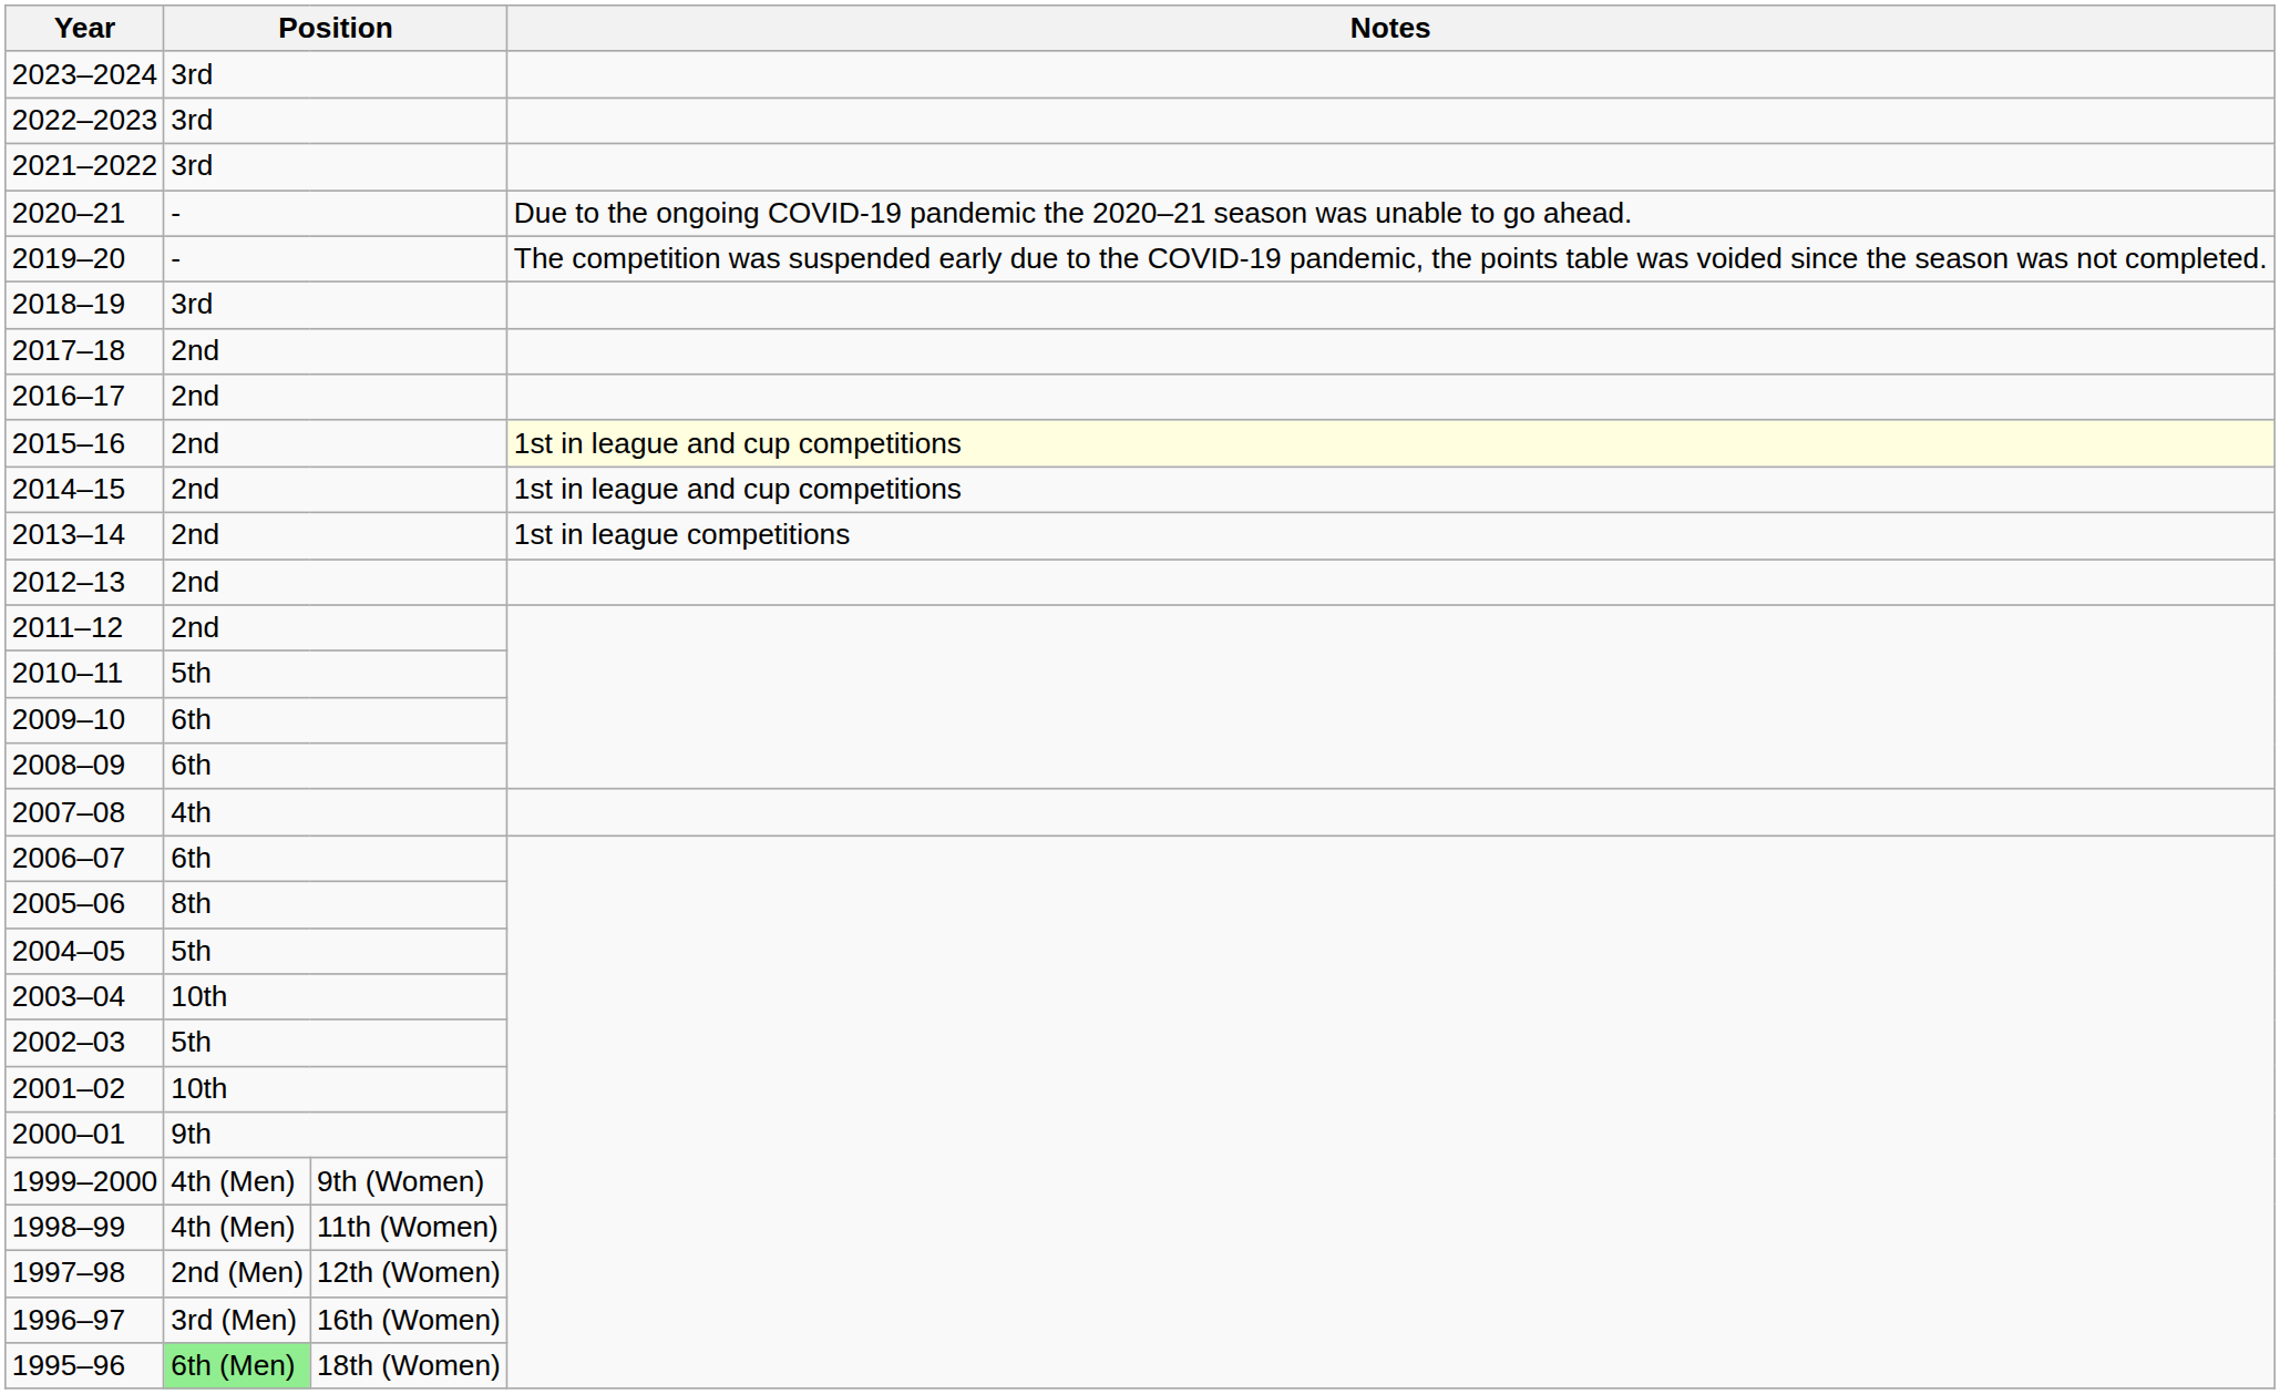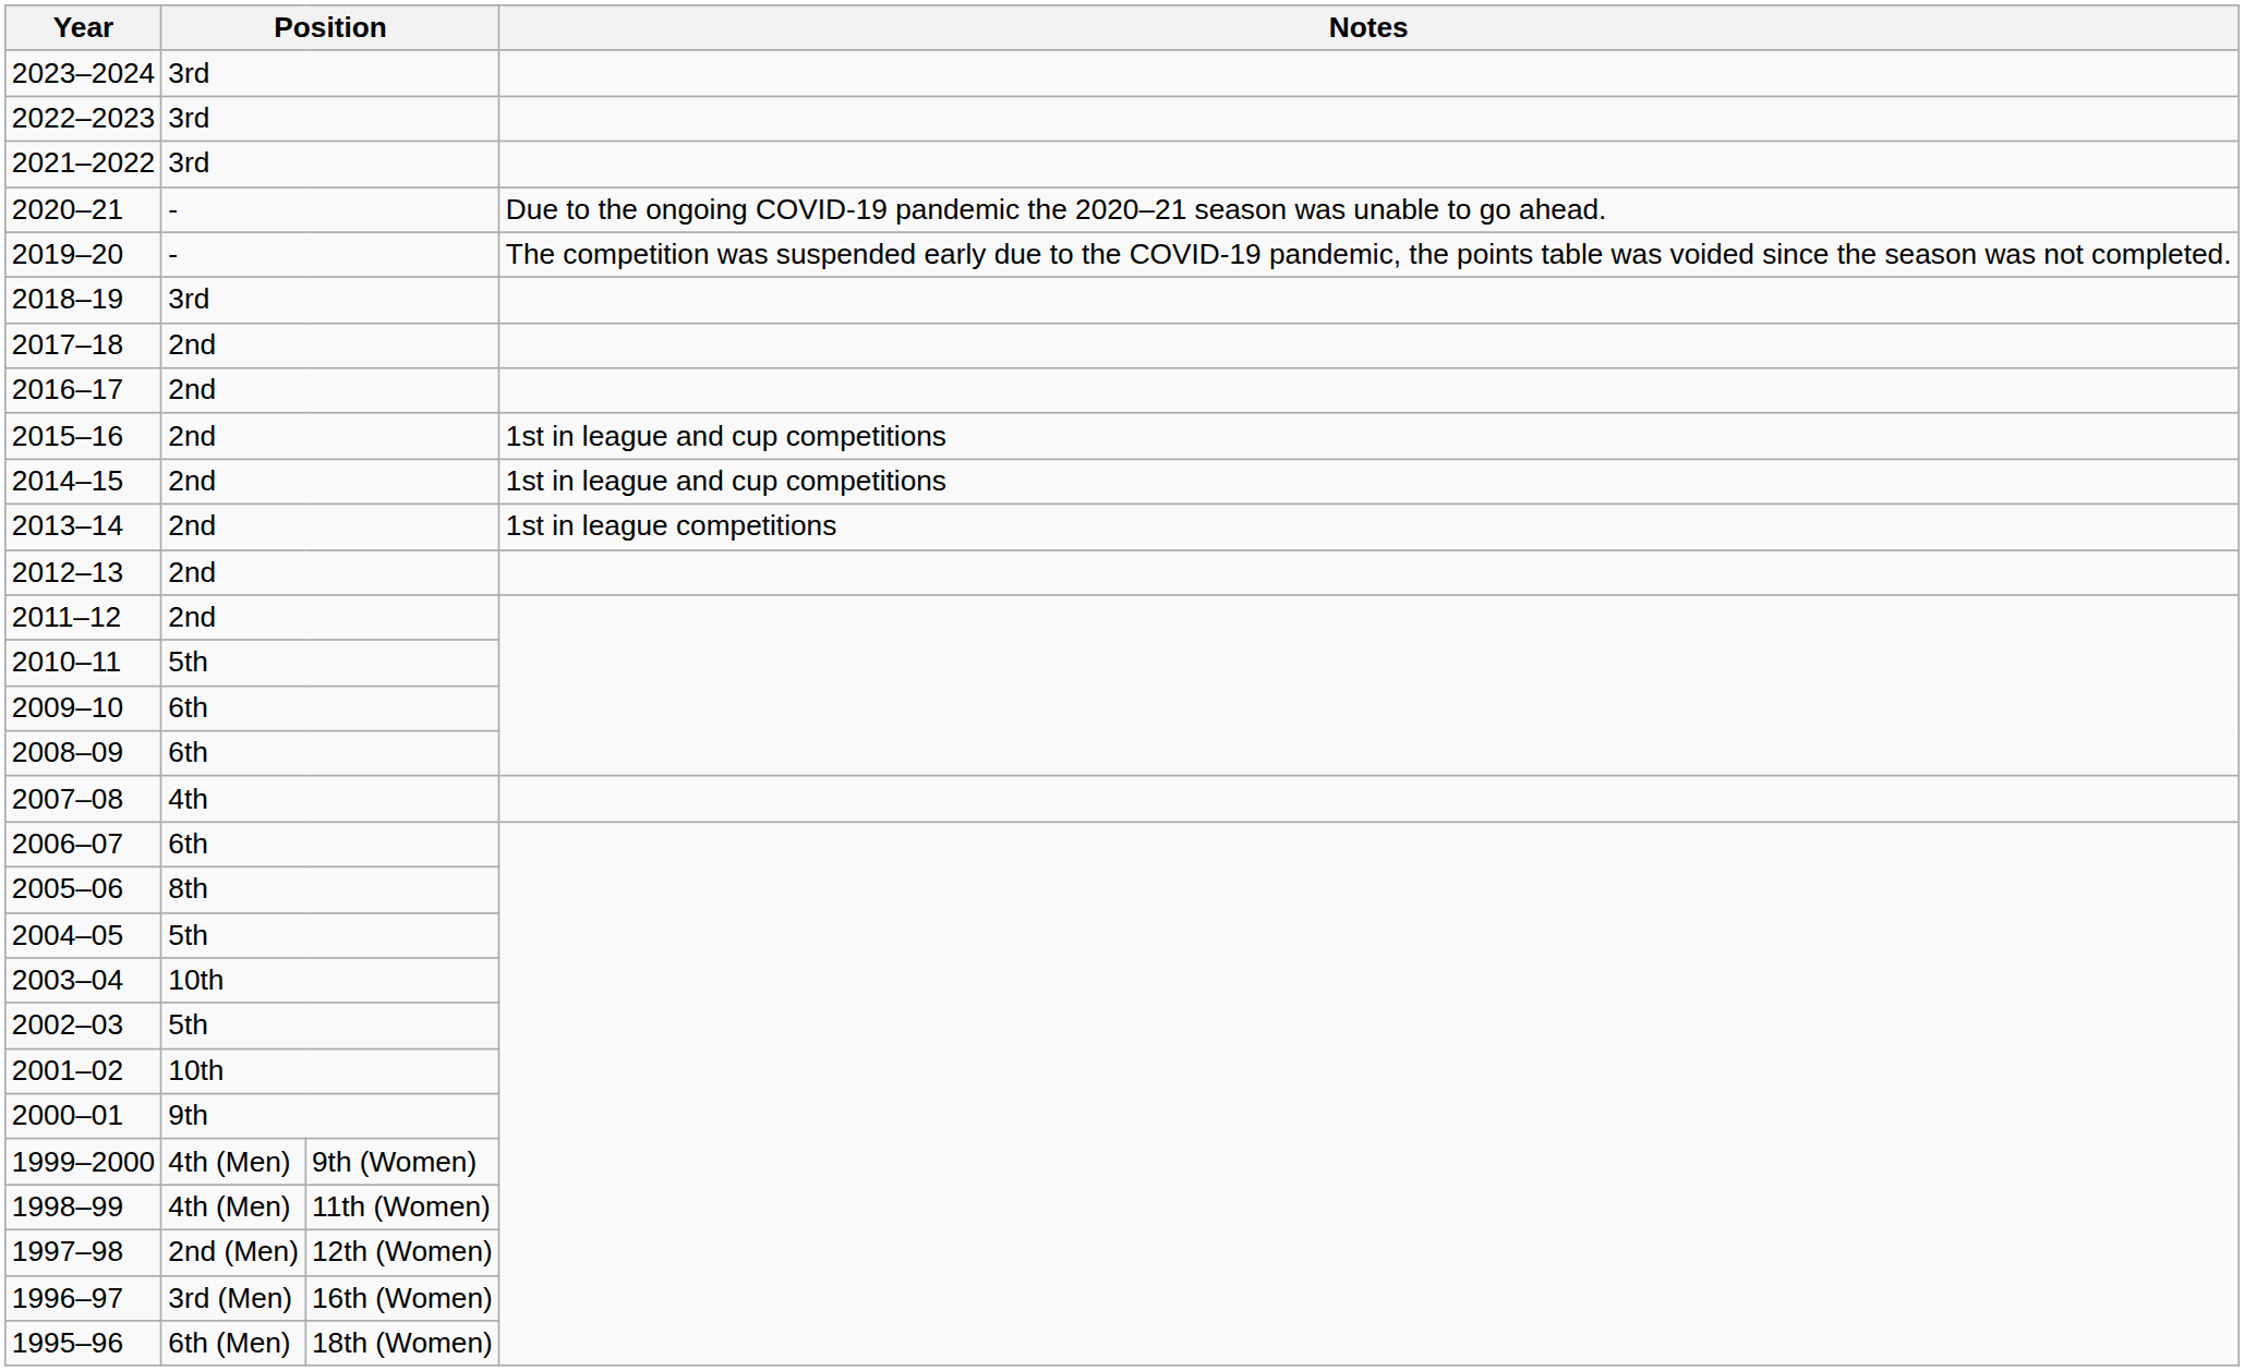 <table class="wikitable">
 <tr>
 <th>Year</th>
 <th colspan=2>Position</th>
 <th>Notes</th>
 </tr>
 <tr>
 <td>2023–2024</td>
 <td colspan="2">3rd</td>
 <td></td>
 </tr>
 <tr>
 <td>2022–2023</td>
 <td colspan="2">3rd</td>
 <td></td>
 </tr>
 <tr>
 <td>2021–2022</td>
 <td colspan="2">3rd</td>
 <td></td>
 </tr>
 <tr>
 <td>2020–21</td>
 <td colspan="2">-</td>
 <td>Due to the ongoing COVID-19 pandemic the 2020–21 season was unable to go ahead.</td>
 </tr>
 <tr>
 <td>2019–20</td>
 <td colspan="2">-</td>
 <td>The competition was suspended early due to the COVID-19 pandemic, the points table was voided since the season was not completed.</td>
 </tr>
 <tr>
 <td>2018–19</td>
 <td colspan="2">3rd</td>
 <td></td>
 </tr>
 <tr>
 <td>2017–18</td>
 <td colspan="2">2nd</td>
 <td></td>
 </tr>
 <tr>
 <td>2016–17</td>
 <td colspan="2">2nd</td>
 <td></td>
 </tr>
 <tr>
 <td>2015–16</td>
 <td colspan="2">2nd</td>
-<td style="background: lightyellow;">1st in league and cup competitions</td>
+<td>1st in league and cup competitions</td>
 </tr>
 <tr>
 <td>2014–15</td>
 <td colspan="2">2nd</td>
 <td>1st in league and cup competitions</td>
 </tr>
 <tr>
 <td>2013–14</td>
 <td colspan="2">2nd</td>
 <td>1st in league competitions</td>
 </tr>
 <tr>
 <td>2012–13</td>
 <td colspan="2">2nd</td>
 <td></td>
 </tr>
 <tr>
 <td>2011–12</td>
 <td colspan="2">2nd</td>
 </tr>
 <tr>
 <td>2010–11</td>
 <td colspan="2">5th</td>
 </tr>
 <tr>
 <td>2009–10</td>
 <td colspan="2">6th</td>
 </tr>
 <tr>
 <td>2008–09</td>
 <td colspan="2">6th</td>
 </tr>
 <tr>
 <td>2007–08</td>
 <td colspan="2">4th</td>
 <td></td>
 </tr>
 <tr>
 <td>2006–07</td>
 <td colspan="2">6th</td>
 </tr>
 <tr>
 <td>2005–06</td>
 <td colspan="2">8th</td>
 </tr>
 <tr>
 <td>2004–05</td>
 <td colspan="2">5th</td>
 </tr>
 <tr>
 <td>2003–04</td>
 <td colspan="2">10th</td>
 </tr>
 <tr>
 <td>2002–03</td>
 <td colspan="2">5th</td>
 </tr>
 <tr>
 <td>2001–02</td>
 <td colspan="2">10th</td>
 </tr>
 <tr>
 <td>2000–01</td>
 <td colspan="2">9th</td>
 </tr>
 <tr>
 <td>1999–2000</td>
 <td>4th (Men)</td>
 <td>9th (Women)</td>
 </tr>
 <tr>
 <td>1998–99</td>
 <td>4th (Men)</td>
 <td>11th (Women)</td>
 </tr>
 <tr>
 <td>1997–98</td>
 <td>2nd (Men)</td>
 <td>12th (Women)</td>
 </tr>
 <tr>
 <td>1996–97</td>
 <td>3rd (Men)</td>
 <td>16th (Women)</td>
 </tr>
 <tr>
 <td>1995–96</td>
-<td style="background: lightgreen;">6th (Men)</td>
+<td>6th (Men)</td>
 <td>18th (Women)</td>
 </tr>
 </table>
